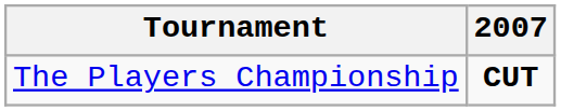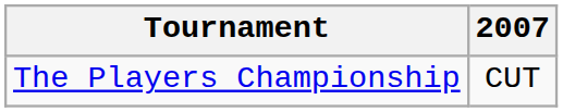 <table class="wikitable" style="font-size:95%;text-align:center;">
 <tr>
 <th>Tournament</th>
 <th>2007</th>
 </tr>
 <tr>
 <td align=left><a href='#'>The Players Championship</a></td>
-<td><strong>CUT</strong></td>
+<td>CUT</td>
 </tr>
 </table>
